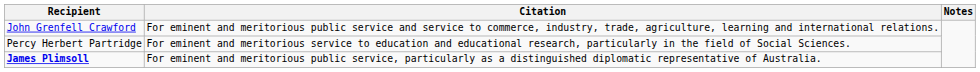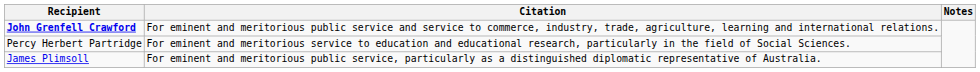 <table class="wikitable" style="font-size:95%;">
 <tr>
 <th>Recipient</th>
 <th>Citation</th>
 <th>Notes</th>
 </tr>
 <tr>
-<td> <a href='#'>John Grenfell Crawford</a> </td>
+<td><strong> <a href='#'>John Grenfell Crawford</a> </strong></td>
 <td>For eminent and meritorious public service and service to commerce, industry, trade, agriculture, learning and international relations.</td>
 <td rowspan=3></td>
 </tr>
 <tr>
 <td> Percy Herbert Partridge</td>
 <td>For eminent and meritorious service to education and educational research, particularly in the field of Social Sciences.</td>
 </tr>
 <tr>
-<td><strong><a href='#'> James Plimsoll</a> </strong></td>
+<td><a href='#'> James Plimsoll</a> </td>
 <td>For eminent and meritorious public service, particularly as a distinguished diplomatic representative of Australia.</td>
 </tr>
 </table>
